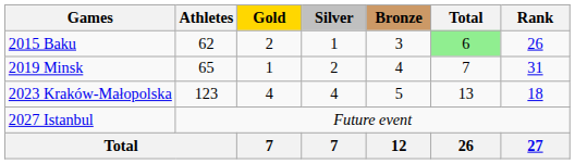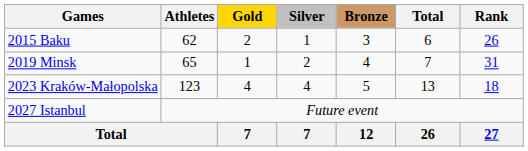 <table class="wikitable" style="text-align:center; font-size:90%;">
 <tr>
 <th>Games</th>
 <th>Athletes</th>
 <td style="background:gold; width:3.7em; font-weight:bold;">Gold</td>
 <td style="background:silver; width:3.7em; font-weight:bold;">Silver</td>
 <td style="background:#cc9966; width:3.7em; font-weight:bold;">Bronze</td>
 <th style="width:4em; font-weight:bold;">Total</th>
 <th style="width:4em; font-weight:bold;">Rank</th>
 </tr>
 <tr>
 <td align=left> <a href='#'>2015 Baku</a></td>
 <td>62</td>
 <td>2</td>
 <td>1</td>
 <td>3</td>
-<td style="background: lightgreen;">6</td>
+<td>6</td>
 <td><a href='#'>26</a></td>
 </tr>
 <tr>
 <td align=left> <a href='#'>2019 Minsk</a></td>
 <td>65</td>
 <td>1</td>
 <td>2</td>
 <td>4</td>
 <td>7</td>
 <td><a href='#'>31</a></td>
 </tr>
 <tr>
 <td align=left> <a href='#'>2023 Kraków-Małopolska</a></td>
 <td>123</td>
 <td>4</td>
 <td>4</td>
 <td>5</td>
 <td>13</td>
 <td><a href='#'>18</a></td>
 </tr>
 <tr>
 <td align=left> <a href='#'>2027 Istanbul</a></td>
 <td colspan=6><em>Future event</em></td>
 </tr>
 <tr>
 <th colspan=2>Total</th>
 <th>7</th>
 <th>7</th>
 <th>12</th>
 <th>26</th>
 <th><a href='#'>27</a></th>
 </tr>
 </table>
